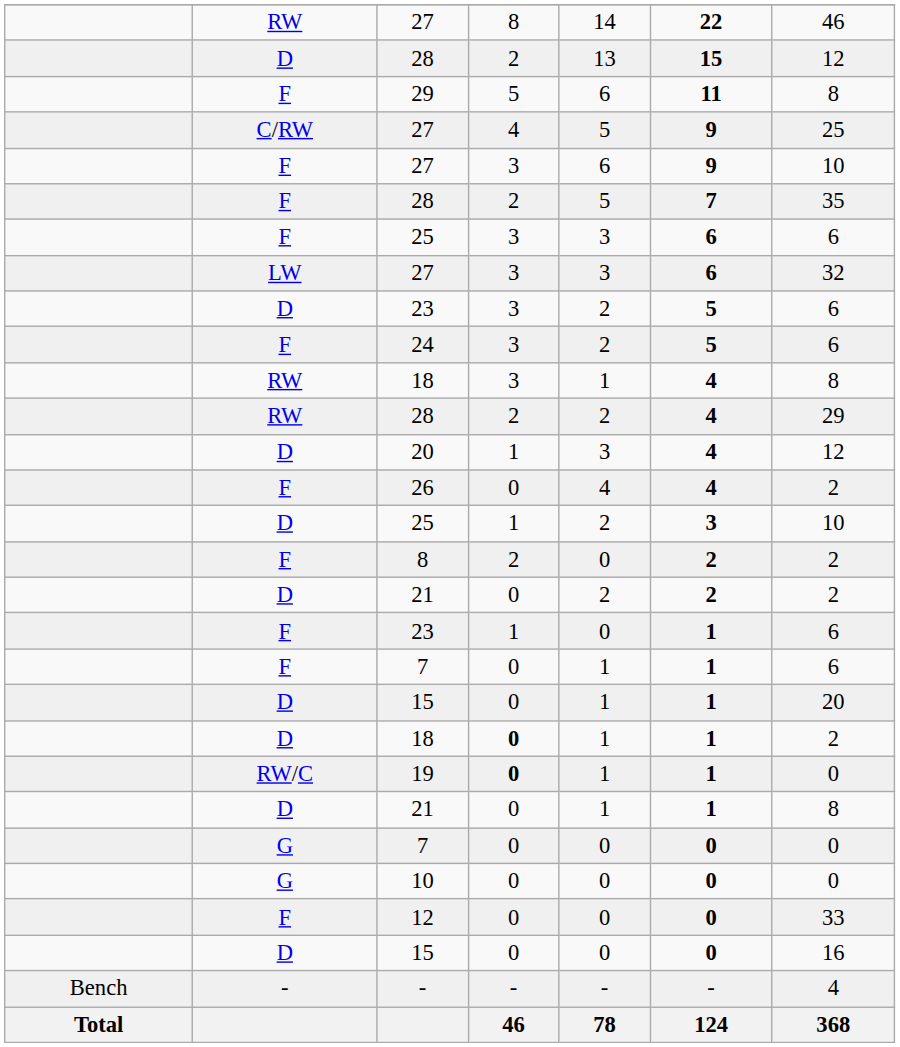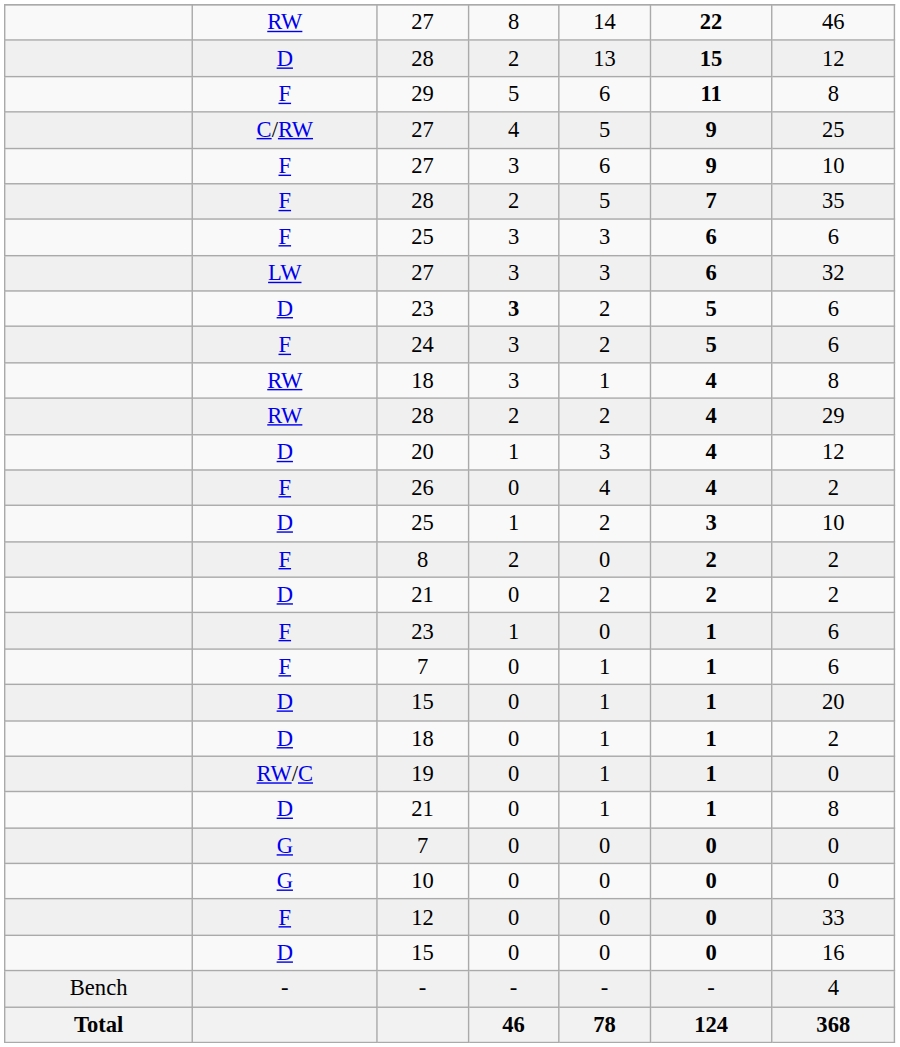 <table class="wikitable sortable" width ="50%">
 <tr align="center">
 </tr>
 <tr align="center" bgcolor="">
 <td></td>
 <td><a href='#'>RW</a></td>
 <td>27</td>
 <td>8</td>
 <td>14</td>
 <td><strong>22</strong></td>
 <td>46</td>
 </tr>
 <tr align="center" bgcolor="f0f0f0">
 <td></td>
 <td><a href='#'>D</a></td>
 <td>28</td>
 <td>2</td>
 <td>13</td>
 <td><strong>15</strong></td>
 <td>12</td>
 </tr>
 <tr align="center" bgcolor="">
 <td></td>
 <td><a href='#'>F</a></td>
 <td>29</td>
 <td>5</td>
 <td>6</td>
 <td><strong>11</strong></td>
 <td>8</td>
 </tr>
 <tr align="center" bgcolor="f0f0f0">
 <td></td>
 <td><a href='#'>C</a>/<a href='#'>RW</a></td>
 <td>27</td>
 <td>4</td>
 <td>5</td>
 <td><strong>9</strong></td>
 <td>25</td>
 </tr>
 <tr align="center" bgcolor="">
 <td></td>
 <td><a href='#'>F</a></td>
 <td>27</td>
 <td>3</td>
 <td>6</td>
 <td><strong>9</strong></td>
 <td>10</td>
 </tr>
 <tr align="center" bgcolor="f0f0f0">
 <td></td>
 <td><a href='#'>F</a></td>
 <td>28</td>
 <td>2</td>
 <td>5</td>
 <td><strong>7</strong></td>
 <td>35</td>
 </tr>
 <tr align="center" bgcolor="">
 <td></td>
 <td><a href='#'>F</a></td>
 <td>25</td>
 <td>3</td>
 <td>3</td>
 <td><strong>6</strong></td>
 <td>6</td>
 </tr>
 <tr align="center" bgcolor="f0f0f0">
 <td></td>
 <td><a href='#'>LW</a></td>
 <td>27</td>
 <td>3</td>
 <td>3</td>
 <td><strong>6</strong></td>
 <td>32</td>
 </tr>
 <tr align="center" bgcolor="">
 <td></td>
 <td><a href='#'>D</a></td>
 <td>23</td>
-<td>3</td>
+<td><strong>3</strong></td>
 <td>2</td>
 <td><strong>5</strong></td>
 <td>6</td>
 </tr>
 <tr align="center" bgcolor="f0f0f0">
 <td></td>
 <td><a href='#'>F</a></td>
 <td>24</td>
 <td>3</td>
 <td>2</td>
 <td><strong>5</strong></td>
 <td>6</td>
 </tr>
 <tr align="center" bgcolor="">
 <td></td>
 <td><a href='#'>RW</a></td>
 <td>18</td>
 <td>3</td>
 <td>1</td>
 <td><strong>4</strong></td>
 <td>8</td>
 </tr>
 <tr align="center" bgcolor="f0f0f0">
 <td></td>
 <td><a href='#'>RW</a></td>
 <td>28</td>
 <td>2</td>
 <td>2</td>
 <td><strong>4</strong></td>
 <td>29</td>
 </tr>
 <tr align="center" bgcolor="">
 <td></td>
 <td><a href='#'>D</a></td>
 <td>20</td>
 <td>1</td>
 <td>3</td>
 <td><strong>4</strong></td>
 <td>12</td>
 </tr>
 <tr align="center" bgcolor="f0f0f0">
 <td></td>
 <td><a href='#'>F</a></td>
 <td>26</td>
 <td>0</td>
 <td>4</td>
 <td><strong>4</strong></td>
 <td>2</td>
 </tr>
 <tr align="center" bgcolor="">
 <td></td>
 <td><a href='#'>D</a></td>
 <td>25</td>
 <td>1</td>
 <td>2</td>
 <td><strong>3</strong></td>
 <td>10</td>
 </tr>
 <tr align="center" bgcolor="f0f0f0">
 <td></td>
 <td><a href='#'>F</a></td>
 <td>8</td>
 <td>2</td>
 <td>0</td>
 <td><strong>2</strong></td>
 <td>2</td>
 </tr>
 <tr align="center" bgcolor="">
 <td></td>
 <td><a href='#'>D</a></td>
 <td>21</td>
 <td>0</td>
 <td>2</td>
 <td><strong>2</strong></td>
 <td>2</td>
 </tr>
 <tr align="center" bgcolor="f0f0f0">
 <td></td>
 <td><a href='#'>F</a></td>
 <td>23</td>
 <td>1</td>
 <td>0</td>
 <td><strong>1</strong></td>
 <td>6</td>
 </tr>
 <tr align="center" bgcolor="">
 <td></td>
 <td><a href='#'>F</a></td>
 <td>7</td>
 <td>0</td>
 <td>1</td>
 <td><strong>1</strong></td>
 <td>6</td>
 </tr>
 <tr align="center" bgcolor="f0f0f0">
 <td></td>
 <td><a href='#'>D</a></td>
 <td>15</td>
 <td>0</td>
 <td>1</td>
 <td><strong>1</strong></td>
 <td>20</td>
 </tr>
 <tr align="center" bgcolor="">
 <td></td>
 <td><a href='#'>D</a></td>
 <td>18</td>
-<td><strong>0</strong></td>
+<td>0</td>
 <td>1</td>
 <td><strong>1</strong></td>
 <td>2</td>
 </tr>
 <tr align="center" bgcolor="f0f0f0">
 <td></td>
 <td><a href='#'>RW</a>/<a href='#'>C</a></td>
 <td>19</td>
-<td><strong>0</strong></td>
+<td>0</td>
 <td>1</td>
 <td><strong>1</strong></td>
 <td>0</td>
 </tr>
 <tr align="center" bgcolor="">
 <td></td>
 <td><a href='#'>D</a></td>
 <td>21</td>
 <td>0</td>
 <td>1</td>
 <td><strong>1</strong></td>
 <td>8</td>
 </tr>
 <tr align="center" bgcolor="f0f0f0">
 <td></td>
 <td><a href='#'>G</a></td>
 <td>7</td>
 <td>0</td>
 <td>0</td>
 <td><strong>0</strong></td>
 <td>0</td>
 </tr>
 <tr align="center" bgcolor="">
 <td></td>
 <td><a href='#'>G</a></td>
 <td>10</td>
 <td>0</td>
 <td>0</td>
 <td><strong>0</strong></td>
 <td>0</td>
 </tr>
 <tr align="center" bgcolor="f0f0f0">
 <td></td>
 <td><a href='#'>F</a></td>
 <td>12</td>
 <td>0</td>
 <td>0</td>
 <td><strong>0</strong></td>
 <td>33</td>
 </tr>
 <tr align="center" bgcolor="">
 <td></td>
 <td><a href='#'>D</a></td>
 <td>15</td>
 <td>0</td>
 <td>0</td>
 <td><strong>0</strong></td>
 <td>16</td>
 </tr>
 <tr align="center" bgcolor="f0f0f0">
 <td>Bench</td>
 <td>-</td>
 <td>-</td>
 <td>-</td>
 <td>-</td>
 <td>-</td>
 <td>4</td>
 </tr>
 <tr>
 <th>Total</th>
 <th></th>
 <th></th>
 <th>46</th>
 <th>78</th>
 <th>124</th>
 <th>368</th>
 </tr>
 </table>
